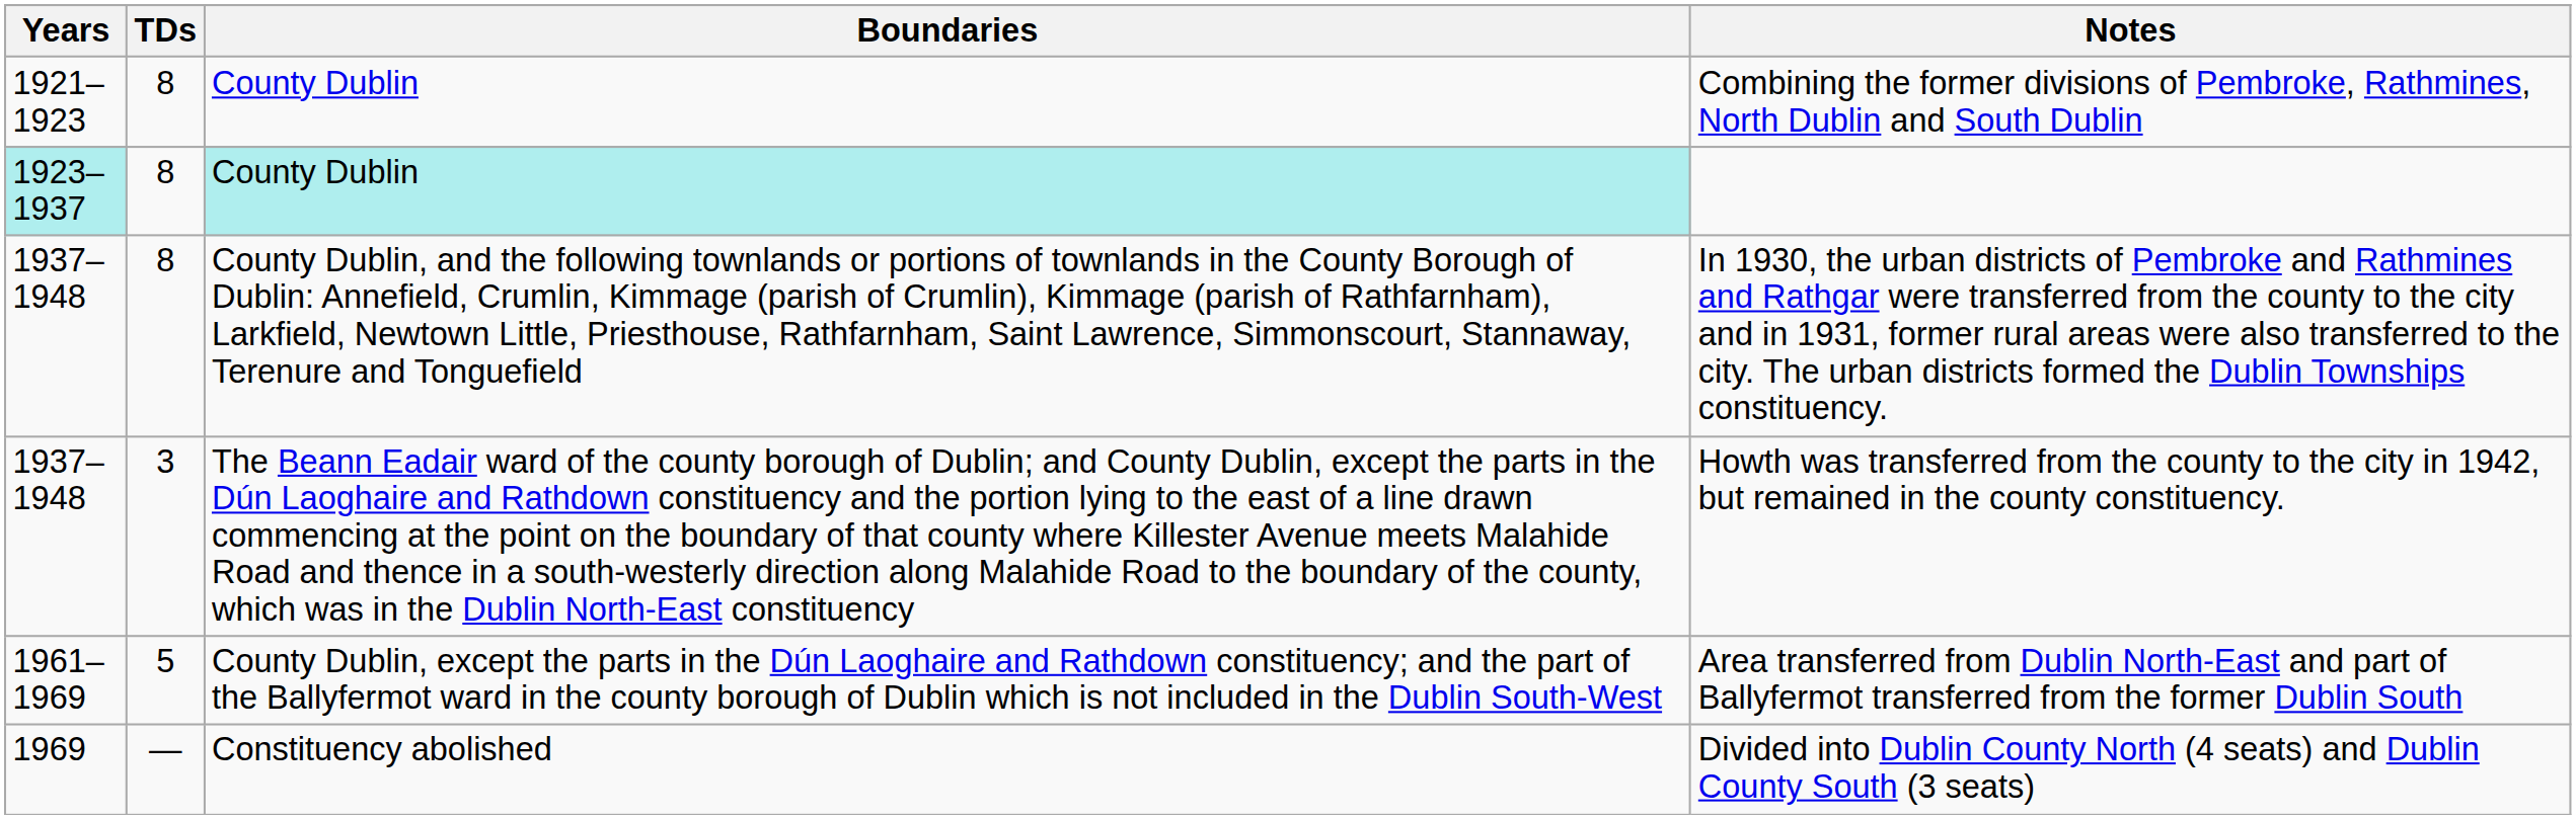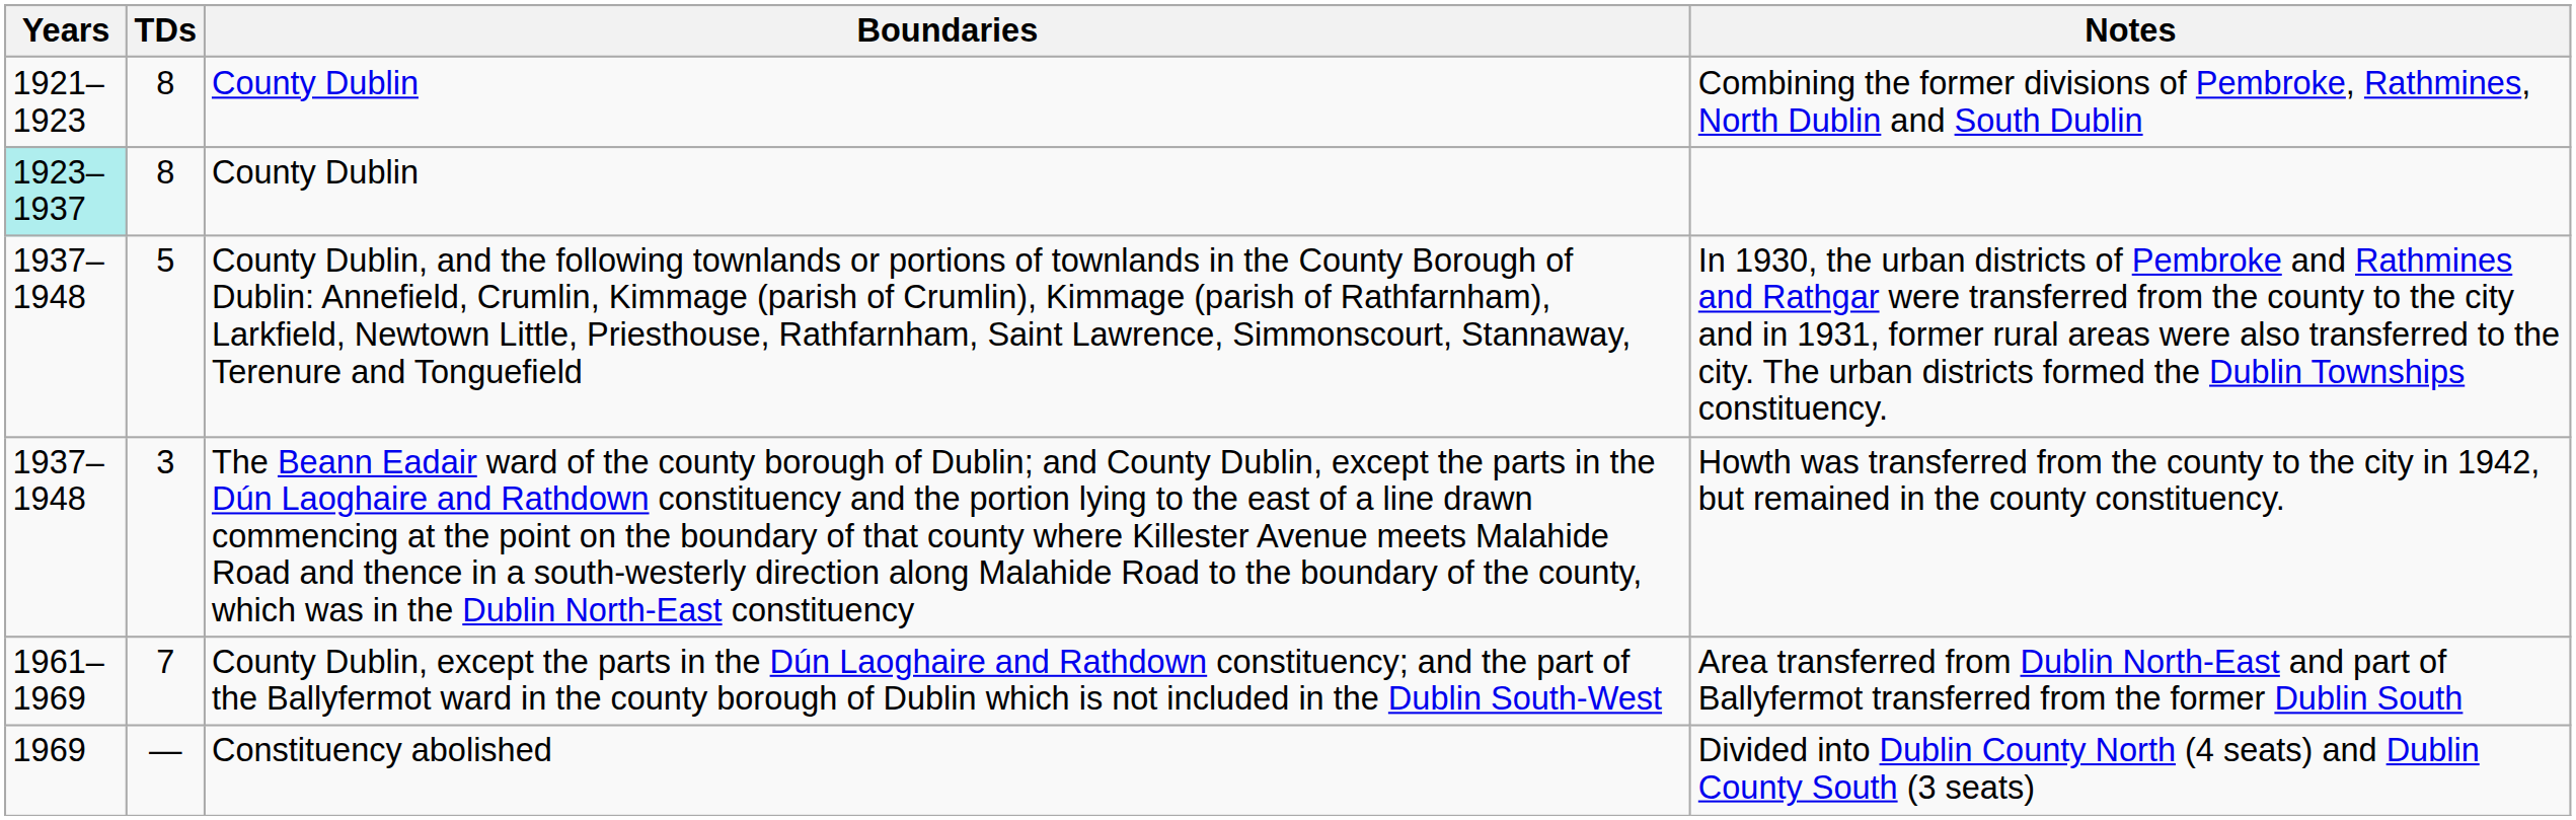 <table class="wikitable">
 <tr>
 </tr>
 <tr>
 <th>Years</th>
 <th>TDs</th>
 <th>Boundaries</th>
 <th>Notes</th>
 </tr>
 <tr style="vertical-align:top">
 <td>1921–1923</td>
 <td style="text-align:center">8</td>
 <td><a href='#'>County Dublin</a></td>
 <td>Combining the former divisions of <a href='#'>Pembroke</a>, <a href='#'>Rathmines</a>, <a href='#'>North Dublin</a> and <a href='#'>South Dublin</a></td>
 </tr>
 <tr style="vertical-align:top">
 <td style="background: paleturquoise;">1923–1937</td>
 <td style="text-align:center">8</td>
-<td style="background: paleturquoise;">County Dublin</td>
+<td>County Dublin</td>
 <td></td>
 </tr>
 <tr style="vertical-align:top">
 <td>1937–1948</td>
-<td style="text-align:center">8</td>
+<td style="text-align:center">5</td>
 <td>County Dublin, and the following townlands or portions of townlands in the County Borough of Dublin: Annefield, Crumlin, Kimmage (parish of Crumlin), Kimmage (parish of Rathfarnham), Larkfield, Newtown Little, Priesthouse, Rathfarnham, Saint Lawrence, Simmonscourt, Stannaway, Terenure and Tonguefield</td>
 <td>In 1930, the urban districts of <a href='#'>Pembroke</a> and <a href='#'>Rathmines and Rathgar</a> were transferred from the county to the city and in 1931, former rural areas were also transferred to the city. The urban districts formed the <a href='#'>Dublin Townships</a> constituency.</td>
 </tr>
 <tr style="vertical-align:top">
 <td>1937–1948</td>
 <td style="text-align:center">3</td>
 <td>The <a href='#'>Beann Eadair</a> ward of the county borough of Dublin; and County Dublin, except the parts in the <a href='#'>Dún Laoghaire and Rathdown</a> constituency and the portion lying to the east of a line drawn commencing at the point on the boundary of that county where Killester Avenue meets Malahide Road and thence in a south-westerly direction along Malahide Road to the boundary of the county, which was in the <a href='#'>Dublin North-East</a> constituency</td>
 <td>Howth was transferred from the county to the city in 1942, but remained in the county constituency.</td>
 </tr>
 <tr style="vertical-align:top">
 <td>1961–1969</td>
-<td style="text-align:center">5</td>
+<td style="text-align:center">7</td>
 <td>County Dublin, except the parts in the <a href='#'>Dún Laoghaire and Rathdown</a> constituency; and the part of the Ballyfermot ward in the county borough of Dublin which is not included in the <a href='#'>Dublin South-West</a></td>
 <td>Area transferred from <a href='#'>Dublin North-East</a> and part of Ballyfermot transferred from the former <a href='#'>Dublin South</a></td>
 </tr>
 <tr style="vertical-align:top">
 <td>1969</td>
 <td style="text-align:center">—</td>
 <td>Constituency abolished</td>
 <td>Divided into <a href='#'>Dublin County North</a> (4 seats) and <a href='#'>Dublin County South</a> (3 seats)</td>
 </tr>
 </table>
